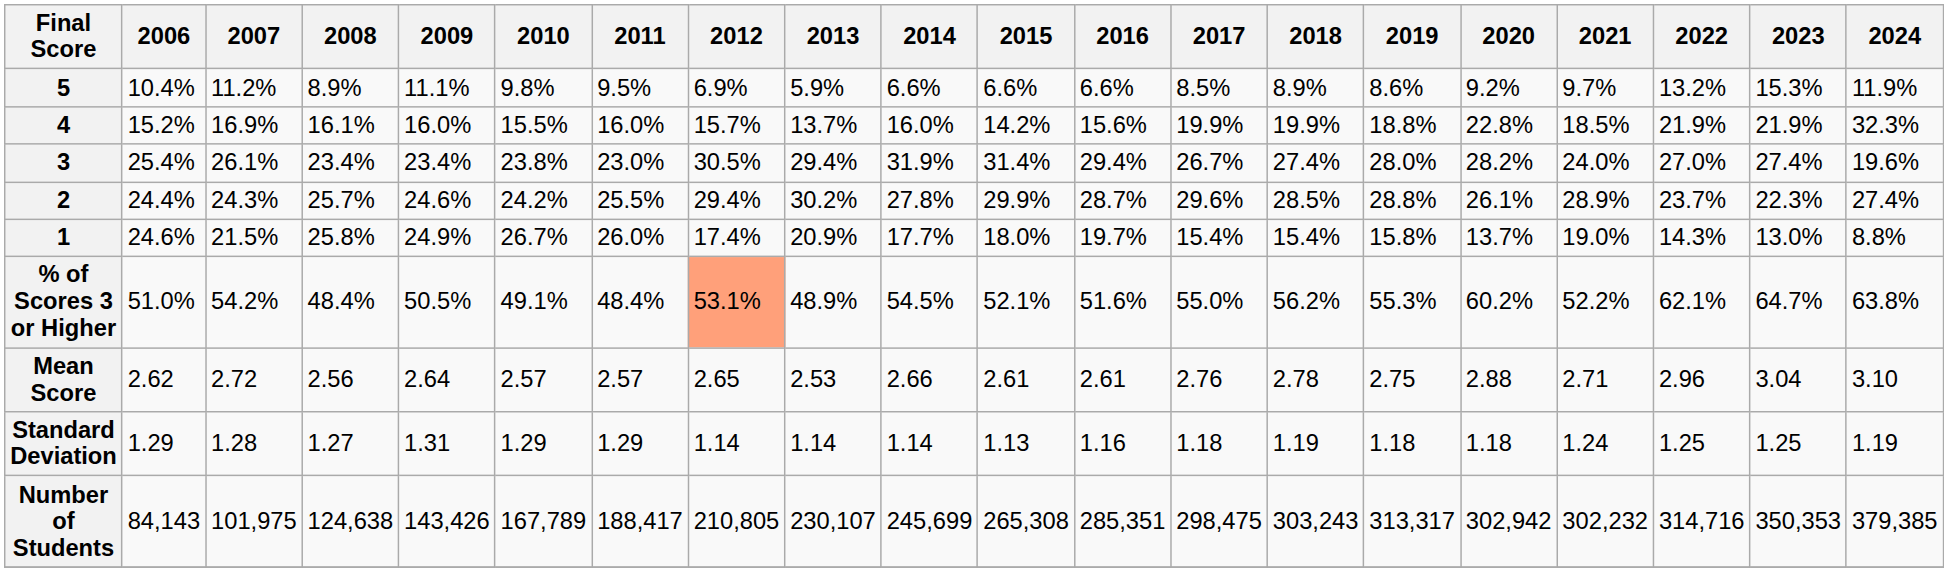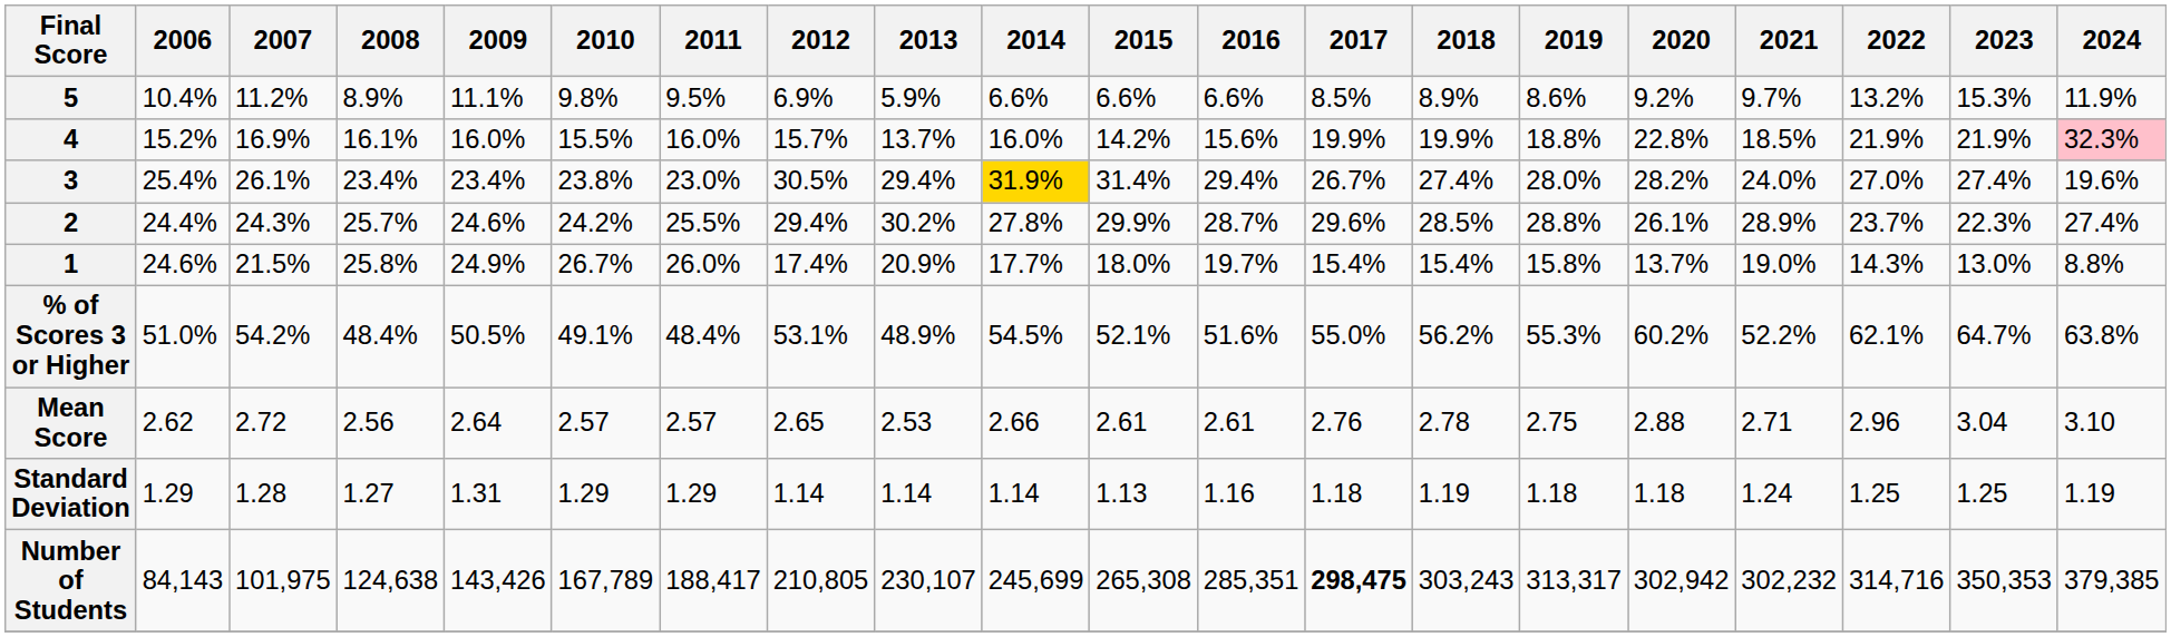 <table class="wikitable".>
 <tr>
 <th>Final Score</th>
 <th>2006</th>
 <th>2007</th>
 <th>2008</th>
 <th>2009</th>
 <th>2010</th>
 <th>2011</th>
 <th>2012</th>
 <th>2013</th>
 <th>2014</th>
 <th>2015</th>
 <th>2016</th>
 <th>2017</th>
 <th>2018</th>
 <th>2019</th>
 <th>2020</th>
 <th>2021</th>
 <th>2022</th>
 <th>2023</th>
 <th>2024</th>
 </tr>
 <tr>
 <th>5</th>
 <td>10.4%</td>
 <td>11.2%</td>
 <td>8.9%</td>
 <td>11.1%</td>
 <td>9.8%</td>
 <td>9.5%</td>
 <td>6.9%</td>
 <td>5.9%</td>
 <td>6.6%</td>
 <td>6.6%</td>
 <td>6.6%</td>
 <td>8.5%</td>
 <td>8.9%</td>
 <td>8.6%</td>
 <td>9.2%</td>
 <td>9.7%</td>
 <td>13.2%</td>
 <td>15.3%</td>
 <td>11.9%</td>
 </tr>
 <tr>
 <th>4</th>
 <td>15.2%</td>
 <td>16.9%</td>
 <td>16.1%</td>
 <td>16.0%</td>
 <td>15.5%</td>
 <td>16.0%</td>
 <td>15.7%</td>
 <td>13.7%</td>
 <td>16.0%</td>
 <td>14.2%</td>
 <td>15.6%</td>
 <td>19.9%</td>
 <td>19.9%</td>
 <td>18.8%</td>
 <td>22.8%</td>
 <td>18.5%</td>
 <td>21.9%</td>
 <td>21.9%</td>
-<td>32.3%</td>
+<td style="background: pink;">32.3%</td>
 </tr>
 <tr>
 <th>3</th>
 <td>25.4%</td>
 <td>26.1%</td>
 <td>23.4%</td>
 <td>23.4%</td>
 <td>23.8%</td>
 <td>23.0%</td>
 <td>30.5%</td>
 <td>29.4%</td>
-<td>31.9%</td>
+<td style="background: gold;">31.9%</td>
 <td>31.4%</td>
 <td>29.4%</td>
 <td>26.7%</td>
 <td>27.4%</td>
 <td>28.0%</td>
 <td>28.2%</td>
 <td>24.0%</td>
 <td>27.0%</td>
 <td>27.4%</td>
 <td>19.6%</td>
 </tr>
 <tr>
 <th>2</th>
 <td>24.4%</td>
 <td>24.3%</td>
 <td>25.7%</td>
 <td>24.6%</td>
 <td>24.2%</td>
 <td>25.5%</td>
 <td>29.4%</td>
 <td>30.2%</td>
 <td>27.8%</td>
 <td>29.9%</td>
 <td>28.7%</td>
 <td>29.6%</td>
 <td>28.5%</td>
 <td>28.8%</td>
 <td>26.1%</td>
 <td>28.9%</td>
 <td>23.7%</td>
 <td>22.3%</td>
 <td>27.4%</td>
 </tr>
 <tr>
 <th>1</th>
 <td>24.6%</td>
 <td>21.5%</td>
 <td>25.8%</td>
 <td>24.9%</td>
 <td>26.7%</td>
 <td>26.0%</td>
 <td>17.4%</td>
 <td>20.9%</td>
 <td>17.7%</td>
 <td>18.0%</td>
 <td>19.7%</td>
 <td>15.4%</td>
 <td>15.4%</td>
 <td>15.8%</td>
 <td>13.7%</td>
 <td>19.0%</td>
 <td>14.3%</td>
 <td>13.0%</td>
 <td>8.8%</td>
 </tr>
 <tr>
 <th>% of Scores 3 or Higher</th>
 <td>51.0%</td>
 <td>54.2%</td>
 <td>48.4%</td>
 <td>50.5%</td>
 <td>49.1%</td>
 <td>48.4%</td>
-<td style="background: lightsalmon;">53.1%</td>
+<td>53.1%</td>
 <td>48.9%</td>
 <td>54.5%</td>
 <td>52.1%</td>
 <td>51.6%</td>
 <td>55.0%</td>
 <td>56.2%</td>
 <td>55.3%</td>
 <td>60.2%</td>
 <td>52.2%</td>
 <td>62.1%</td>
 <td>64.7%</td>
 <td>63.8%</td>
 </tr>
 <tr>
 <th>Mean Score</th>
 <td>2.62</td>
 <td>2.72</td>
 <td>2.56</td>
 <td>2.64</td>
 <td>2.57</td>
 <td>2.57</td>
 <td>2.65</td>
 <td>2.53</td>
 <td>2.66</td>
 <td>2.61</td>
 <td>2.61</td>
 <td>2.76</td>
 <td>2.78</td>
 <td>2.75</td>
 <td>2.88</td>
 <td>2.71</td>
 <td>2.96</td>
 <td>3.04</td>
 <td>3.10</td>
 </tr>
 <tr>
 <th>Standard Deviation</th>
 <td>1.29</td>
 <td>1.28</td>
 <td>1.27</td>
 <td>1.31</td>
 <td>1.29</td>
 <td>1.29</td>
 <td>1.14</td>
 <td>1.14</td>
 <td>1.14</td>
 <td>1.13</td>
 <td>1.16</td>
 <td>1.18</td>
 <td>1.19</td>
 <td>1.18</td>
 <td>1.18</td>
 <td>1.24</td>
 <td>1.25</td>
 <td>1.25</td>
 <td>1.19</td>
 </tr>
 <tr>
 <th>Number of Students</th>
 <td>84,143</td>
 <td>101,975</td>
 <td>124,638</td>
 <td>143,426</td>
 <td>167,789</td>
 <td>188,417</td>
 <td>210,805</td>
 <td>230,107</td>
 <td>245,699</td>
 <td>265,308</td>
 <td>285,351</td>
-<td>298,475</td>
+<td><strong>298,475</strong></td>
 <td>303,243</td>
 <td>313,317</td>
 <td>302,942</td>
 <td>302,232</td>
 <td>314,716</td>
 <td>350,353</td>
 <td>379,385</td>
 </tr>
 <tr>
 </tr>
 </table>
